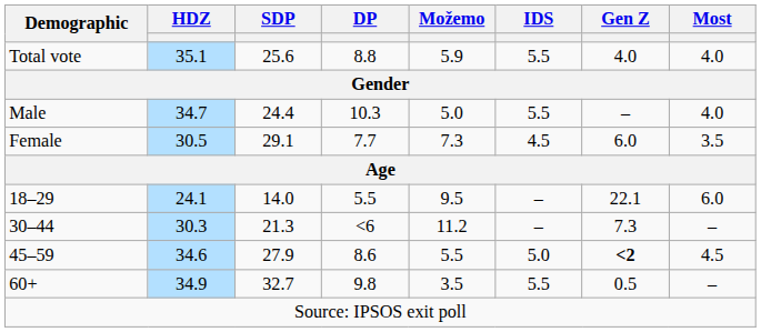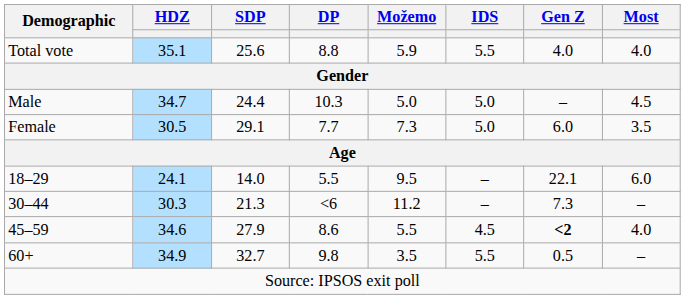 <table class="wikitable" style="text-align:center">
 <tr>
 <th style="width:120px;" rowspan="2">Demographic</th>
 <th style="width:70px;"><a href='#'>HDZ</a></th>
 <th style="width:70px;"><a href='#'>SDP</a></th>
 <th style="width:70px;"><a href='#'>DP</a></th>
 <th style="width:70px;"><a href='#'>Možemo</a></th>
 <th style="width:70px;"><a href='#'>IDS</a></th>
 <th style="width:70px;"><a href='#'>Gen Z</a></th>
 <th style="width:70px;"><a href='#'>Most</a></th>
 </tr>
 <tr>
 <th style="color:inherit;background:"></th>
 <th style="color:inherit;background:"></th>
 <th style="color:inherit;background:"></th>
 <th style="color:inherit;background:"></th>
 <th style="color:inherit;background:"></th>
 <th style="color:inherit;background:"></th>
 <th style="color:inherit;background:"></th>
 </tr>
 <tr>
 <td style="text-align:left;">Total vote</td>
 <td style="background:#B3E0FF;">35.1</td>
 <td>25.6</td>
 <td>8.8</td>
 <td>5.9</td>
 <td>5.5</td>
 <td>4.0</td>
 <td>4.0</td>
 </tr>
 <tr>
 <th colspan=8>Gender</th>
 </tr>
 <tr>
 <td style="text-align:left;">Male</td>
 <td style="background:#B3E0FF;">34.7</td>
 <td>24.4</td>
 <td>10.3</td>
 <td>5.0</td>
-<td>5.5</td>
+<td>5.0</td>
 <td>–</td>
-<td>4.0</td>
+<td>4.5</td>
 </tr>
 <tr>
 <td style="text-align:left;">Female</td>
 <td style="background:#B3E0FF;">30.5</td>
 <td>29.1</td>
 <td>7.7</td>
 <td>7.3</td>
-<td>4.5</td>
+<td>5.0</td>
 <td>6.0</td>
 <td>3.5</td>
 </tr>
 <tr>
 <th colspan=8>Age</th>
 </tr>
 <tr>
 <td style="text-align:left;">18–29</td>
 <td style="background:#B3E0FF;">24.1</td>
 <td>14.0</td>
 <td>5.5</td>
 <td>9.5</td>
 <td>–</td>
 <td>22.1</td>
 <td>6.0</td>
 </tr>
 <tr>
 <td style="text-align:left;">30–44</td>
 <td style="background:#B3E0FF;">30.3</td>
 <td>21.3</td>
 <td><6</td>
 <td>11.2</td>
 <td>–</td>
 <td>7.3</td>
 <td>–</td>
 </tr>
 <tr>
 <td style="text-align:left;">45–59</td>
 <td style="background:#B3E0FF;">34.6</td>
 <td>27.9</td>
 <td>8.6</td>
 <td>5.5</td>
-<td>5.0</td>
+<td>4.5</td>
 <td><strong><2</strong></td>
-<td>4.5</td>
+<td>4.0</td>
 </tr>
 <tr>
 <td style="text-align:left;">60+</td>
 <td style="background:#B3E0FF;">34.9</td>
 <td>32.7</td>
 <td>9.8</td>
 <td>3.5</td>
 <td>5.5</td>
 <td>0.5</td>
 <td>–</td>
 </tr>
 <tr>
 <td colspan="8">Source: IPSOS exit poll</td>
 </tr>
 </table>
